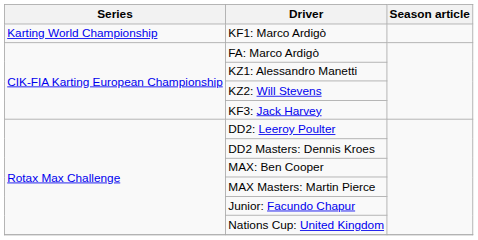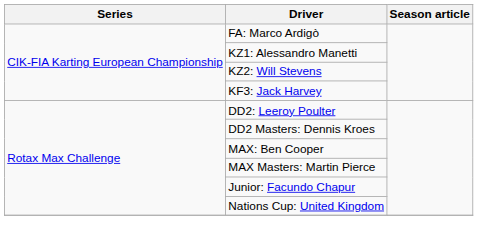 <table class="wikitable" style="font-size: 87%;">
 <tr>
 <th>Series</th>
 <th>Driver</th>
 <th>Season article</th>
-</tr>
-<tr>
-<td><a href='#'>Karting World Championship</a></td>
-<td>KF1:  Marco Ardigò</td>
-<td></td>
 </tr>
 <tr>
 <td rowspan=4><a href='#'>CIK-FIA Karting European Championship</a></td>
 <td>FA:  Marco Ardigò</td>
 <td rowspan=4></td>
 </tr>
 <tr>
 <td>KZ1:  Alessandro Manetti</td>
 </tr>
 <tr>
 <td>KZ2:  <a href='#'>Will Stevens</a></td>
 </tr>
 <tr>
 <td>KF3:  <a href='#'>Jack Harvey</a></td>
 </tr>
 <tr>
 <td rowspan=6><a href='#'>Rotax Max Challenge</a></td>
 <td>DD2:  <a href='#'>Leeroy Poulter</a></td>
 <td rowspan=6></td>
 </tr>
 <tr>
 <td>DD2 Masters:  Dennis Kroes</td>
 </tr>
 <tr>
 <td>MAX:  Ben Cooper</td>
 </tr>
 <tr>
 <td>MAX Masters:  Martin Pierce</td>
 </tr>
 <tr>
 <td>Junior:  <a href='#'>Facundo Chapur</a></td>
 </tr>
 <tr>
 <td>Nations Cup:  <a href='#'>United Kingdom</a></td>
 </tr>
 <tr>
 </tr>
 </table>
